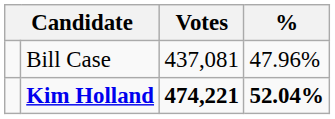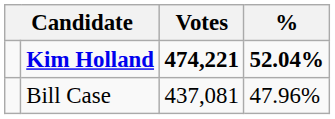 <table class="wikitable">
 <tr>
 <th colspan="2" rowspan="1" align="center" valign="top"><strong>Candidate</strong></th>
 <th valign="top"><strong>Votes</strong></th>
 <th valign="top"><strong>%</strong></th>
 </tr>
 <tr>
 <td style="background-color:"> </td>
+<td><strong><a href='#'>Kim Holland</a></strong></td>
+<td><strong>474,221</strong></td>
+<td><strong>52.04%</strong></td>
+</tr>
+<tr>
+<td style="background-color:"> </td>
 <td>Bill Case</td>
 <td>437,081</td>
 <td>47.96%</td>
 </tr>
-<tr>
-<td style="background-color:"> </td>
-<td><strong><a href='#'>Kim Holland</a></strong></td>
-<td><strong>474,221</strong></td>
-<td><strong>52.04%</strong></td>
-</tr>
 </table>
